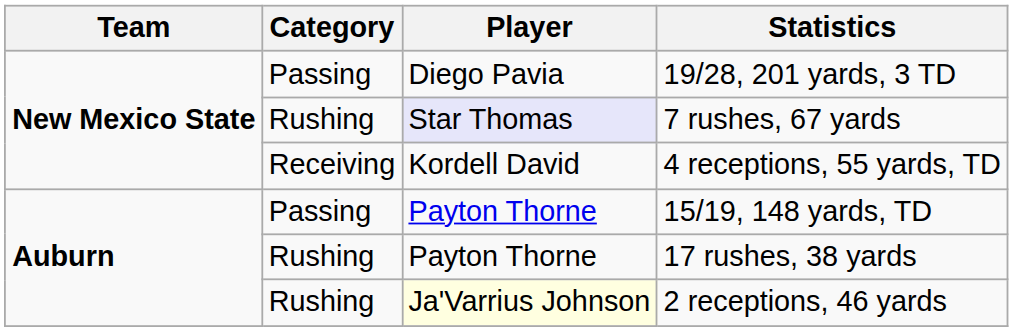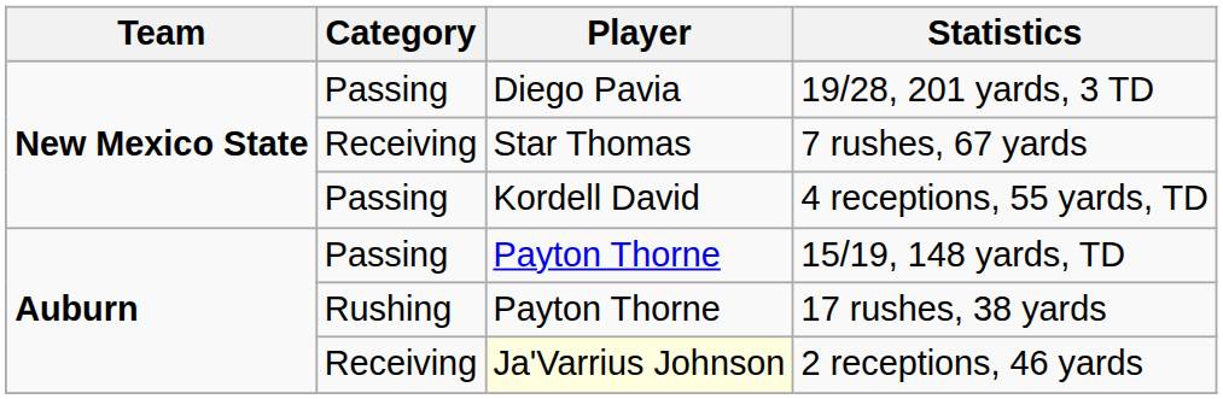 <table class="wikitable" style="float: right;">
 <tr>
 <th>Team</th>
 <th>Category</th>
 <th>Player</th>
 <th>Statistics</th>
 </tr>
 <tr>
 <td rowspan=3><strong>New Mexico State</strong></td>
 <td>Passing</td>
 <td>Diego Pavia</td>
 <td>19/28, 201 yards, 3 TD</td>
 </tr>
 <tr>
-<td>Rushing</td>
-<td style="background: lavender;">Star Thomas</td>
+<td>Receiving</td>
+<td>Star Thomas</td>
 <td>7 rushes, 67 yards</td>
 </tr>
 <tr>
-<td>Receiving</td>
+<td>Passing</td>
 <td>Kordell David</td>
 <td>4 receptions, 55 yards, TD</td>
 </tr>
 <tr>
 <td rowspan=3><strong>Auburn</strong></td>
 <td>Passing</td>
 <td><a href='#'>Payton Thorne</a></td>
 <td>15/19, 148 yards, TD</td>
 </tr>
 <tr>
 <td>Rushing</td>
 <td>Payton Thorne</td>
 <td>17 rushes, 38 yards</td>
 </tr>
 <tr>
-<td>Rushing</td>
+<td>Receiving</td>
 <td style="background: lightyellow;">Ja'Varrius Johnson</td>
 <td>2 receptions, 46 yards</td>
 </tr>
 </table>
